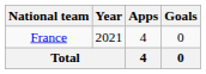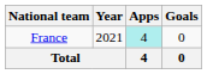 <table class="wikitable" style="text-align:center">
 <tr>
 <th>National team</th>
 <th>Year</th>
 <th>Apps</th>
 <th>Goals</th>
 </tr>
 <tr>
 <td rowspan=1><a href='#'>France</a></td>
 <td>2021</td>
-<td>4</td>
+<td style="background: paleturquoise;">4</td>
 <td>0</td>
 </tr>
 <tr>
 <th colspan=2>Total</th>
 <th>4</th>
 <th>0</th>
 </tr>
 </table>
